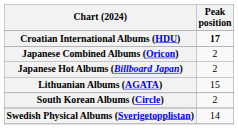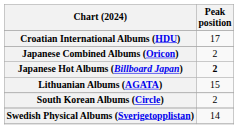 <table class="wikitable sortable plainrowheaders" style="text-align:center">
 <tr>
 <th scope="col">Chart (2024)</th>
 <th scope="col">Peak<br>position</th>
 </tr>
 <tr>
 </tr>
 <tr>
 </tr>
 <tr>
 </tr>
 <tr>
 </tr>
 <tr>
 </tr>
 <tr>
 <th scope="row">Croatian International Albums (<a href='#'>HDU</a>)</th>
-<td><strong>17</strong></td>
+<td>17</td>
 </tr>
 <tr>
 </tr>
 <tr>
 </tr>
 <tr>
 </tr>
 <tr>
 </tr>
 <tr>
 </tr>
 <tr>
 </tr>
 <tr>
 <th scope="row">Japanese Combined Albums (<a href='#'>Oricon</a>)</th>
 <td>2</td>
 </tr>
 <tr>
 <th scope="row">Japanese Hot Albums (<em><a href='#'>Billboard Japan</a></em>)</th>
-<td>2</td>
+<td><strong>2</strong></td>
 </tr>
 <tr>
 <th scope="row">Lithuanian Albums (<a href='#'>AGATA</a>)</th>
 <td>15</td>
 </tr>
 <tr>
 </tr>
 <tr>
 </tr>
 <tr>
 </tr>
 <tr>
 </tr>
 <tr>
 <th scope="row">South Korean Albums (<a href='#'>Circle</a>)</th>
 <td>2</td>
 </tr>
 <tr>
 </tr>
 <tr>
 <th scope="row">Swedish Physical Albums (<a href='#'>Sverigetopplistan</a>)</th>
 <td>14</td>
 </tr>
 <tr>
 </tr>
 <tr>
 </tr>
 <tr>
 </tr>
 <tr>
 </tr>
 </table>
